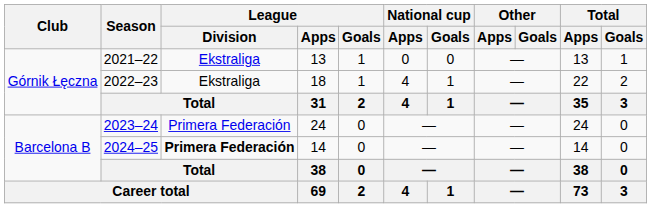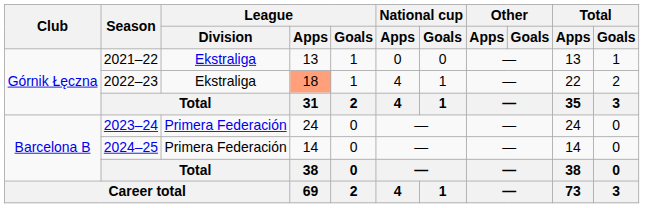 <table class="wikitable" style="text-align:center">
 <tr>
 <th rowspan="2">Club</th>
 <th rowspan="2">Season</th>
 <th colspan="3">League</th>
 <th colspan="2">National cup</th>
 <th colspan="2">Other</th>
 <th colspan="2">Total</th>
 </tr>
 <tr>
 <th>Division</th>
 <th>Apps</th>
 <th>Goals</th>
 <th>Apps</th>
 <th>Goals</th>
 <th>Apps</th>
 <th>Goals</th>
 <th>Apps</th>
 <th>Goals</th>
 </tr>
 <tr>
 <td rowspan="3"><a href='#'>Górnik Łęczna</a></td>
 <td>2021–22</td>
 <td><a href='#'>Ekstraliga</a></td>
 <td>13</td>
 <td>1</td>
 <td>0</td>
 <td>0</td>
 <td colspan="2">—</td>
 <td>13</td>
 <td>1</td>
 </tr>
 <tr>
 <td>2022–23</td>
 <td>Ekstraliga</td>
-<td>18</td>
+<td style="background: lightsalmon;">18</td>
 <td>1</td>
 <td>4</td>
 <td>1</td>
 <td colspan="2">—</td>
 <td>22</td>
 <td>2</td>
 </tr>
 <tr>
 <th colspan="2">Total</th>
 <th>31</th>
 <th>2</th>
 <th>4</th>
 <th>1</th>
 <th colspan="2">—</th>
 <th>35</th>
 <th>3</th>
 </tr>
 <tr>
 <td rowspan="3"><a href='#'>Barcelona B</a></td>
 <td><a href='#'>2023–24</a></td>
 <td><a href='#'>Primera Federación</a></td>
 <td>24</td>
 <td>0</td>
 <td colspan="2">—</td>
 <td colspan="2">—</td>
 <td>24</td>
 <td>0</td>
 </tr>
 <tr>
 <td><a href='#'>2024–25</a></td>
-<td><strong>Primera Federación</strong></td>
+<td>Primera Federación</td>
 <td>14</td>
 <td>0</td>
 <td colspan="2">—</td>
 <td colspan="2">—</td>
 <td>14</td>
 <td>0</td>
 </tr>
 <tr>
 <th colspan="2">Total</th>
 <th>38</th>
 <th>0</th>
 <th colspan="2">—</th>
 <th colspan="2">—</th>
 <th>38</th>
 <th>0</th>
 </tr>
 <tr>
 <th colspan="3">Career total</th>
 <th>69</th>
 <th>2</th>
 <th>4</th>
 <th>1</th>
 <th colspan="2">—</th>
 <th>73</th>
 <th>3</th>
 </tr>
 </table>
